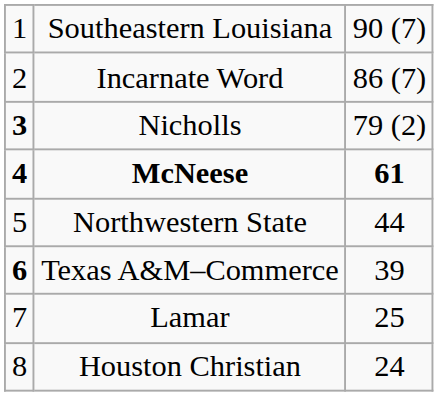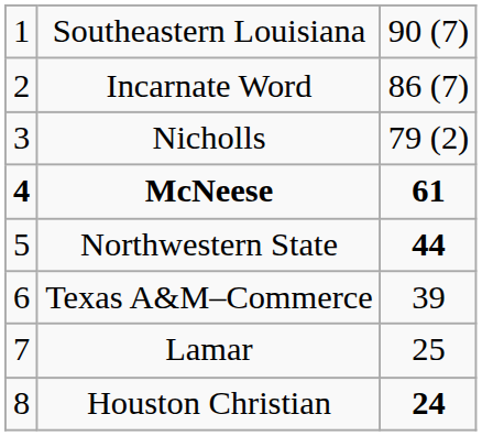 <table class="wikitable">
 <tr align="center">
 <td>1</td>
 <td>Southeastern Louisiana</td>
 <td>90 (7)</td>
 </tr>
 <tr align="center">
 <td>2</td>
 <td>Incarnate Word</td>
 <td>86 (7)</td>
 </tr>
 <tr align="center">
-<td><strong>3</strong></td>
+<td>3</td>
 <td>Nicholls</td>
 <td>79 (2)</td>
 </tr>
 <tr align="center">
 <td><strong>4</strong></td>
 <td><strong>McNeese</strong></td>
 <td><strong>61</strong></td>
 </tr>
 <tr align="center">
 <td>5</td>
 <td>Northwestern State</td>
-<td>44</td>
+<td><strong>44</strong></td>
 </tr>
 <tr align="center">
-<td><strong>6</strong></td>
+<td>6</td>
 <td>Texas A&M–Commerce</td>
 <td>39</td>
 </tr>
 <tr align="center">
 <td>7</td>
 <td>Lamar</td>
 <td>25</td>
 </tr>
 <tr align="center">
 <td>8</td>
 <td>Houston Christian</td>
-<td>24</td>
+<td><strong>24</strong></td>
 </tr>
 </table>
